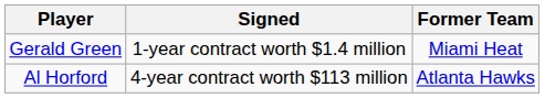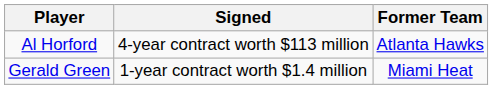 <table class="wikitable sortable sortable">
 <tr>
 <th>Player</th>
 <th>Signed</th>
 <th>Former Team</th>
 </tr>
 <tr style="text-align: center">
+<td><a href='#'>Al Horford</a></td>
+<td>4-year contract worth $113 million</td>
+<td><a href='#'>Atlanta Hawks</a></td>
+</tr>
+<tr style="text-align: center">
 <td><a href='#'>Gerald Green</a></td>
 <td>1-year contract worth $1.4 million</td>
 <td><a href='#'>Miami Heat</a></td>
 </tr>
-<tr style="text-align: center">
-<td><a href='#'>Al Horford</a></td>
-<td>4-year contract worth $113 million</td>
-<td><a href='#'>Atlanta Hawks</a></td>
-</tr>
 </table>
